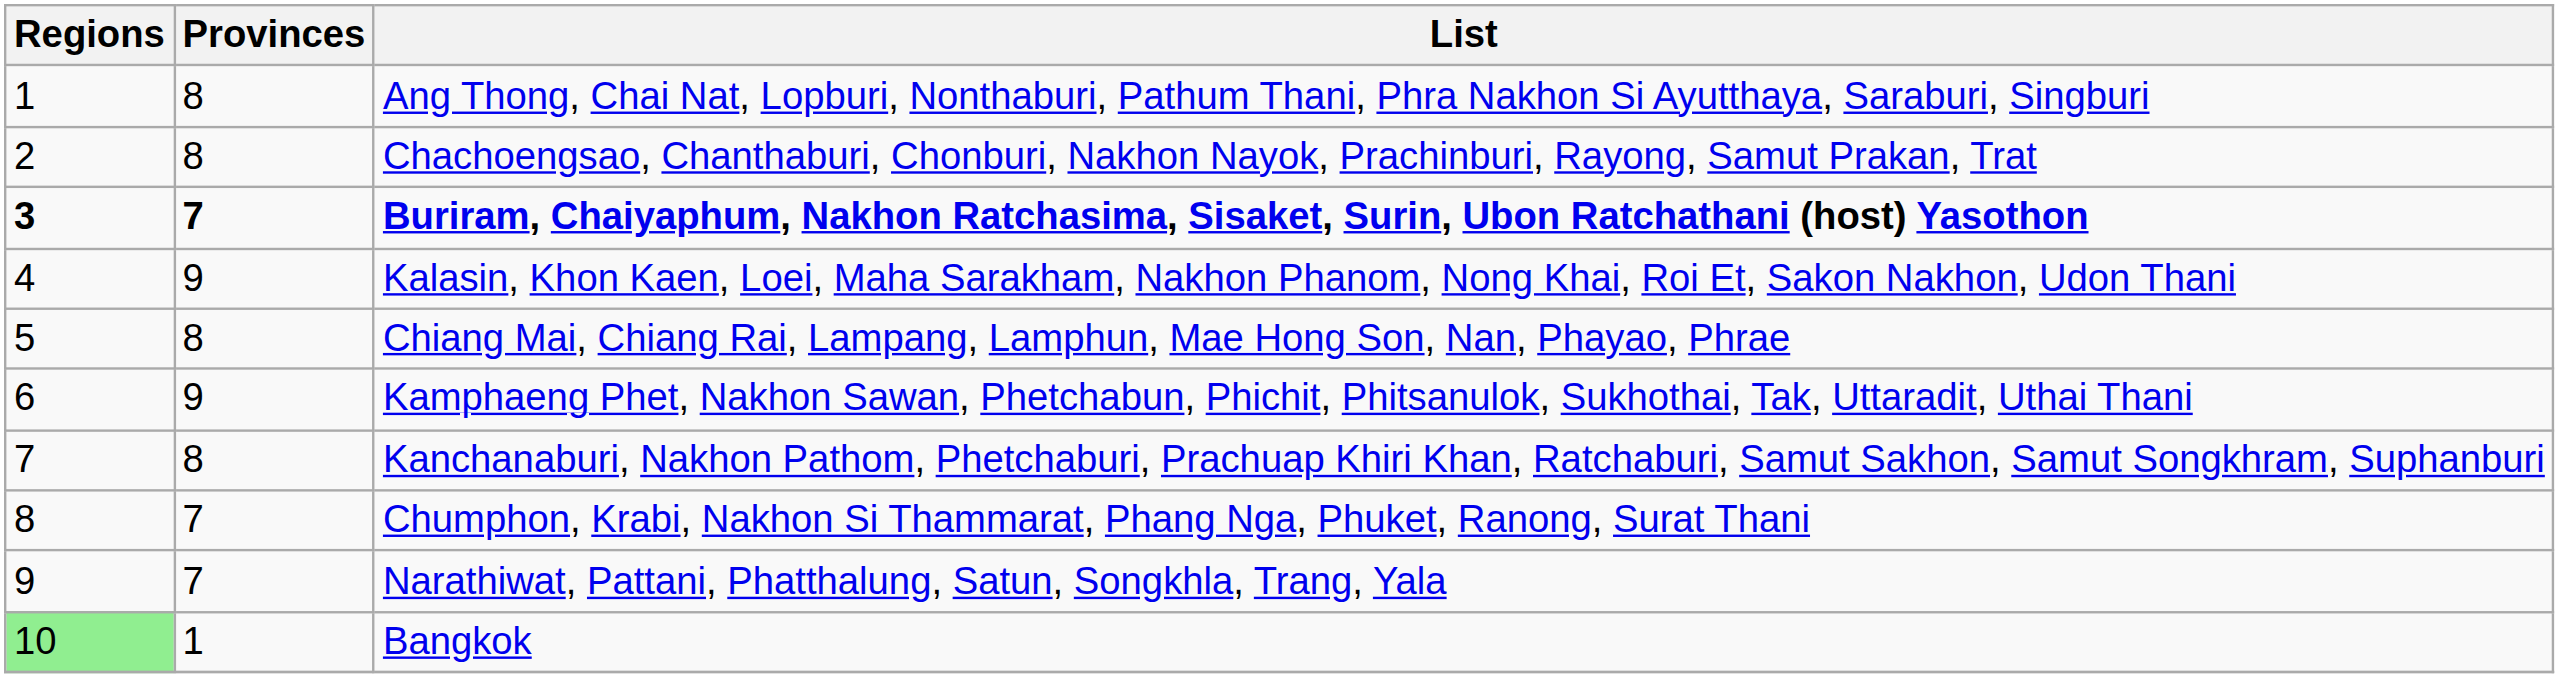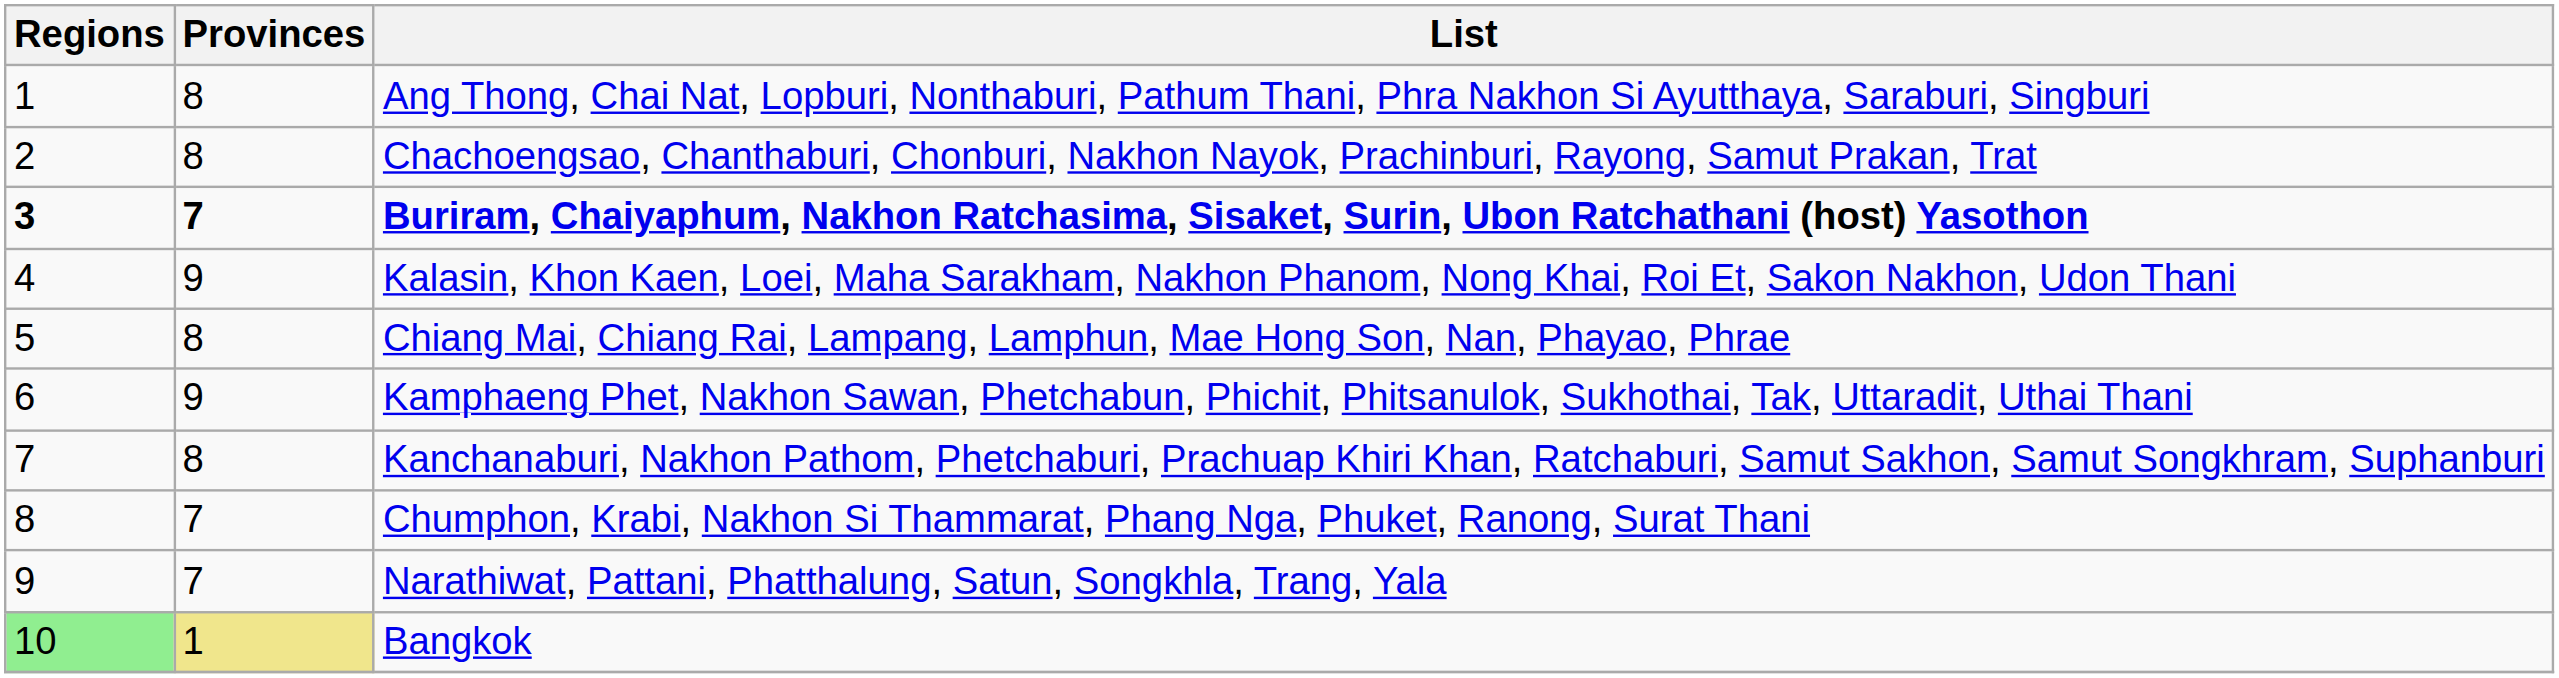 <table class="wikitable">
 <tr>
 <th>Regions</th>
 <th>Provinces</th>
 <th>List</th>
 </tr>
 <tr>
 <td>1</td>
 <td>8</td>
 <td><a href='#'>Ang Thong</a>,    <a href='#'>Chai Nat</a>,    <a href='#'>Lopburi</a>,    <a href='#'>Nonthaburi</a>,    <a href='#'>Pathum Thani</a>,    <a href='#'>Phra Nakhon Si Ayutthaya</a>,    <a href='#'>Saraburi</a>,    <a href='#'>Singburi</a></td>
 </tr>
 <tr>
 <td>2</td>
 <td>8</td>
 <td><a href='#'>Chachoengsao</a>,    <a href='#'>Chanthaburi</a>,    <a href='#'>Chonburi</a>,    <a href='#'>Nakhon Nayok</a>,    <a href='#'>Prachinburi</a>,    <a href='#'>Rayong</a>,    <a href='#'>Samut Prakan</a>,    <a href='#'>Trat</a></td>
 </tr>
 <tr>
 <td><strong>3</strong></td>
 <td><strong> 7</strong></td>
 <td><strong><a href='#'>Buriram</a>,    <a href='#'>Chaiyaphum</a>,    <a href='#'>Nakhon Ratchasima</a>,    <a href='#'>Sisaket</a>,    <a href='#'>Surin</a>,    <a href='#'>Ubon Ratchathani</a> (host)  <a href='#'>Yasothon</a></strong></td>
 </tr>
 <tr>
 <td>4</td>
 <td>9</td>
 <td><a href='#'>Kalasin</a>,    <a href='#'>Khon Kaen</a>,    <a href='#'>Loei</a>,    <a href='#'>Maha Sarakham</a>,    <a href='#'>Nakhon Phanom</a>,    <a href='#'>Nong Khai</a>,    <a href='#'>Roi Et</a>,    <a href='#'>Sakon Nakhon</a>,    <a href='#'>Udon Thani</a></td>
 </tr>
 <tr>
 <td>5</td>
 <td>8</td>
 <td><a href='#'>Chiang Mai</a>,    <a href='#'>Chiang Rai</a>,    <a href='#'>Lampang</a>,    <a href='#'>Lamphun</a>,    <a href='#'>Mae Hong Son</a>,    <a href='#'>Nan</a>,    <a href='#'>Phayao</a>,    <a href='#'>Phrae</a></td>
 </tr>
 <tr>
 <td>6</td>
 <td>9</td>
 <td><a href='#'>Kamphaeng Phet</a>,    <a href='#'>Nakhon Sawan</a>,    <a href='#'>Phetchabun</a>,    <a href='#'>Phichit</a>,    <a href='#'>Phitsanulok</a>,    <a href='#'>Sukhothai</a>,    <a href='#'>Tak</a>,    <a href='#'>Uttaradit</a>,    <a href='#'>Uthai Thani</a></td>
 </tr>
 <tr>
 <td>7</td>
 <td>8</td>
 <td><a href='#'>Kanchanaburi</a>,    <a href='#'>Nakhon Pathom</a>,    <a href='#'>Phetchaburi</a>,    <a href='#'>Prachuap Khiri Khan</a>,    <a href='#'>Ratchaburi</a>,    <a href='#'>Samut Sakhon</a>,    <a href='#'>Samut Songkhram</a>,    <a href='#'>Suphanburi</a></td>
 </tr>
 <tr>
 <td>8</td>
 <td>7</td>
 <td><a href='#'>Chumphon</a>,    <a href='#'>Krabi</a>,    <a href='#'>Nakhon Si Thammarat</a>,    <a href='#'>Phang Nga</a>,    <a href='#'>Phuket</a>,    <a href='#'>Ranong</a>,    <a href='#'>Surat Thani</a></td>
 </tr>
 <tr>
 <td>9</td>
 <td>7</td>
 <td><a href='#'>Narathiwat</a>,    <a href='#'>Pattani</a>,    <a href='#'>Phatthalung</a>,    <a href='#'>Satun</a>,    <a href='#'>Songkhla</a>,    <a href='#'>Trang</a>,    <a href='#'>Yala</a></td>
 </tr>
 <tr>
 <td style="background: lightgreen;">10</td>
-<td>1</td>
+<td style="background: khaki;">1</td>
 <td><a href='#'>Bangkok</a></td>
 </tr>
 <tr>
 </tr>
 </table>
